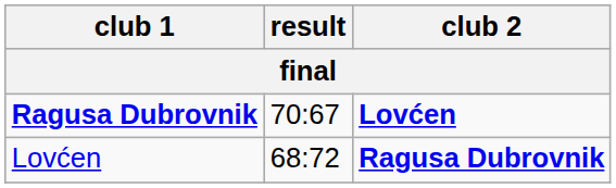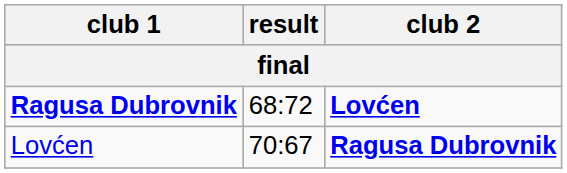 <table class="wikitable">
 <tr>
 <th>club 1</th>
 <th>result</th>
 <th>club 2</th>
 </tr>
 <tr>
 <th colspan="3">final</th>
 </tr>
 <tr>
 <td> <strong><a href='#'>Ragusa Dubrovnik</a></strong></td>
-<td>70:67</td>
+<td>68:72</td>
 <td><strong> <a href='#'>Lovćen</a></strong></td>
 </tr>
 <tr>
 <td> <a href='#'>Lovćen</a></td>
-<td>68:72</td>
+<td>70:67</td>
 <td> <strong><a href='#'>Ragusa Dubrovnik</a></strong></td>
 </tr>
 </table>
